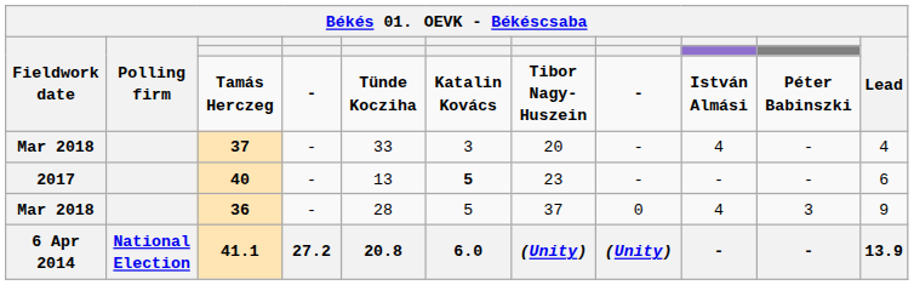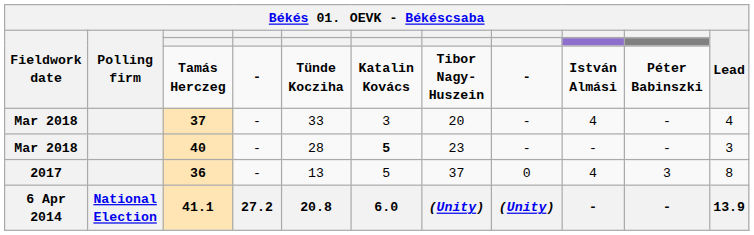 <table class="wikitable mw-collapsible mw-collapsed" style="text-align:center">
 <tr>
 <th colspan="11" style="width: 980pt;"><small><a href='#'>Békés</a> 01.</small> <small>OEVK - <a href='#'>Békéscsaba</a></small></th>
 </tr>
 <tr>
 <th rowspan="3" style="width: 80pt;"><small>Fieldwork</small> <small>date</small></th>
 <th rowspan="3" style="width: 80pt;"><strong><small>Polling</small> <small>firm</small></strong></th>
 <th style="width: 100pt;"><small></small></th>
 <th style="width: 100pt;"><small> </small></th>
 <th style="width: 100pt;"></th>
 <th style="width: 100pt;"></th>
 <th style="width: 100pt;"></th>
 <th style="width: 100pt;"></th>
 <th style="width: 100pt;"></th>
 <th style="width: 100pt;"></th>
 <th rowspan="3" style="width: 20pt;"><small>Lead</small></th>
 </tr>
 <tr>
 <th style="color:inherit;background:"></th>
 <th style="color:inherit;background:"></th>
 <th style="color:inherit;background:"></th>
 <th style="color:inherit;background:"></th>
 <th style="color:inherit;background:"></th>
 <th style="color:inherit;background:"></th>
 <th style="color:inherit;background:#8E6FCE;"></th>
 <th style="color:inherit;background:#808080;"></th>
 </tr>
 <tr>
 <td><small><strong>Tamás Herczeg</strong></small></td>
 <td><small><strong>-</strong></small></td>
 <td><small><strong>Tünde Kocziha</strong></small></td>
 <td><small><strong>Katalin Kovács</strong></small></td>
 <td><small><strong>Tibor</strong></small> <small><strong>Nagy-Huszein</strong></small></td>
 <td><small><strong>-</strong></small></td>
 <td><small><strong>István Almási</strong></small></td>
 <td><small><strong>Péter Babinszki</strong></small></td>
 </tr>
 <tr>
 <th><small>Mar 2018</small></th>
 <th></th>
 <td style="background:#FFE5B4"><small><strong>37</strong></small></td>
 <td><small>-</small></td>
 <td><small>33</small></td>
 <td><small>3</small></td>
 <td><small>20</small></td>
 <td><small>-</small></td>
 <td><small>4</small></td>
 <td><small>-</small></td>
 <td style="background:"><small>4</small></td>
 </tr>
 <tr>
-<th><small>2017</small></th>
+<th><small>Mar 2018</small></th>
 <th><small></small></th>
 <td style="background:#FFE5B4"><small><strong>40</strong></small></td>
 <td><small>-</small></td>
-<td><small>13</small></td>
+<td><small>28</small></td>
 <td><strong><small>5</small></strong></td>
 <td><small>23</small></td>
 <td><small>-</small></td>
 <td><small>-</small></td>
 <td><small>-</small></td>
-<td style="background:"><small>6</small></td>
+<td style="background:"><small>3</small></td>
 </tr>
 <tr>
-<th><small>Mar 2018</small></th>
+<th><small>2017</small></th>
 <th><small></small></th>
 <td style="background:#FFE5B4"><small><strong>36</strong></small></td>
 <td><small>-</small></td>
-<td><small>28</small></td>
+<td><small>13</small></td>
 <td><small>5</small></td>
 <td><small>37</small></td>
 <td><small>0</small></td>
 <td><small>4</small></td>
 <td><small>3</small></td>
-<td style="background:"><small>9</small></td>
+<td style="background:"><small>8</small></td>
 </tr>
 <tr>
 <th><small>6 Apr 2014</small></th>
 <th><a href='#'><small>National Election</small></a></th>
 <th style="background:#FFE5B4"><small><strong>41.1</strong></small></th>
 <th><small>27.2</small></th>
 <th><small>20.8</small></th>
 <th><small>6.0</small></th>
 <th><small><em>(<a href='#'>Unity</a>)</em></small></th>
 <th><small><em>(<a href='#'>Unity</a>)</em></small></th>
 <th><small>-</small></th>
 <th><small>-</small></th>
 <th style="background:"><small>13.9</small></th>
 </tr>
 </table>
